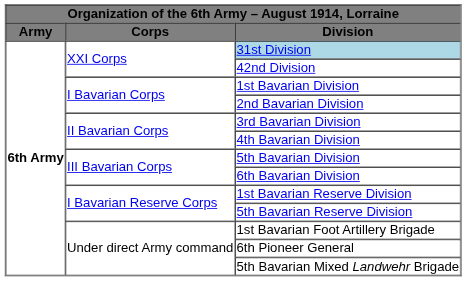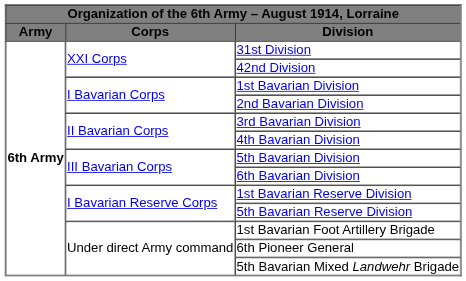 <table style="float: right;" border="1" cellpadding="1" cellspacing="0" style="font-size: 100%; border: gray solid 1px; border-collapse: collapse; text-align: center;">
 <tr style="background-color:grey; color:black;">
 <th colspan="3">Organization of the 6th Army – August 1914, Lorraine</th>
 </tr>
 <tr>
 </tr>
 <tr style="background-color:grey; color:black;">
 <th>Army</th>
 <th>Corps</th>
 <th>Division</th>
 </tr>
 <tr>
 <td ROWSPAN=13><strong>6th Army</strong></td>
 <td ROWSPAN=2><a href='#'>XXI Corps</a></td>
-<td style="background: lightblue;"><a href='#'>31st Division</a></td>
+<td><a href='#'>31st Division</a></td>
 </tr>
 <tr>
 <td><a href='#'>42nd Division</a></td>
 </tr>
 <tr>
 <td ROWSPAN=2><a href='#'>I Bavarian Corps</a></td>
 <td><a href='#'>1st Bavarian Division</a></td>
 </tr>
 <tr>
 <td><a href='#'>2nd Bavarian Division</a></td>
 </tr>
 <tr>
 <td ROWSPAN=2><a href='#'>II Bavarian Corps</a></td>
 <td><a href='#'>3rd Bavarian Division</a></td>
 </tr>
 <tr>
 <td><a href='#'>4th Bavarian Division</a></td>
 </tr>
 <tr>
 <td ROWSPAN=2><a href='#'>III Bavarian Corps</a></td>
 <td><a href='#'>5th Bavarian Division</a></td>
 </tr>
 <tr>
 <td><a href='#'>6th Bavarian Division</a></td>
 </tr>
 <tr>
 <td ROWSPAN=2><a href='#'>I Bavarian Reserve Corps</a></td>
 <td><a href='#'>1st Bavarian Reserve Division</a></td>
 </tr>
 <tr>
 <td><a href='#'>5th Bavarian Reserve Division</a></td>
 </tr>
 <tr>
 <td ROWSPAN=3>Under direct Army command</td>
 <td>1st Bavarian Foot Artillery Brigade</td>
 </tr>
 <tr>
 <td>6th Pioneer General</td>
 </tr>
 <tr>
 <td>5th Bavarian Mixed <em>Landwehr</em> Brigade</td>
 </tr>
 </table>
